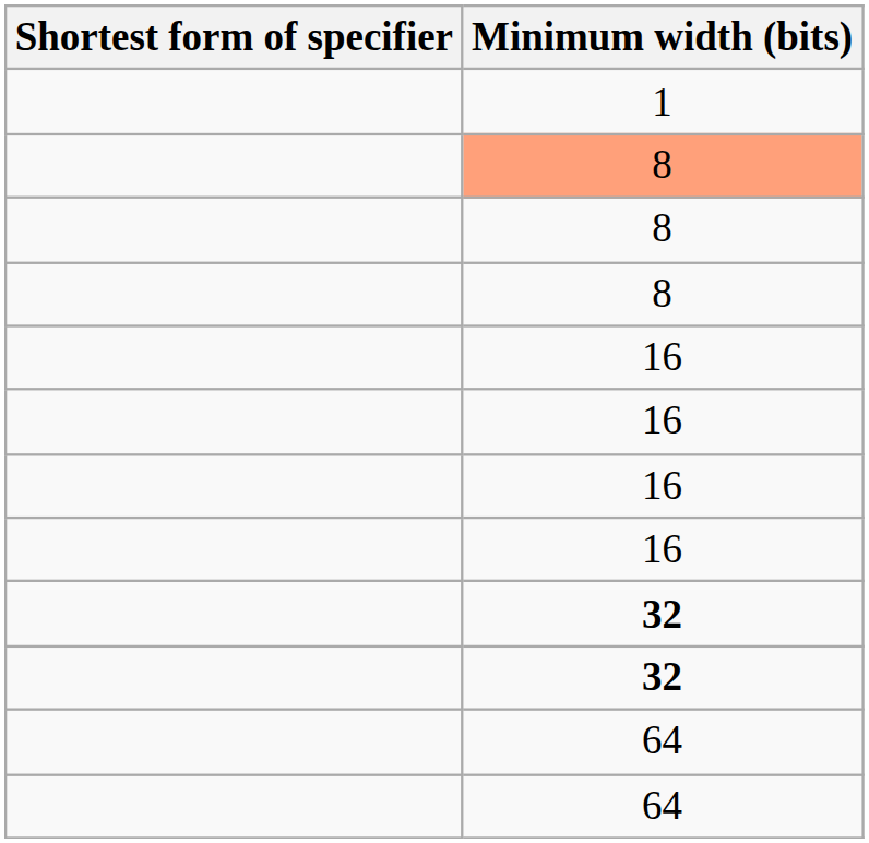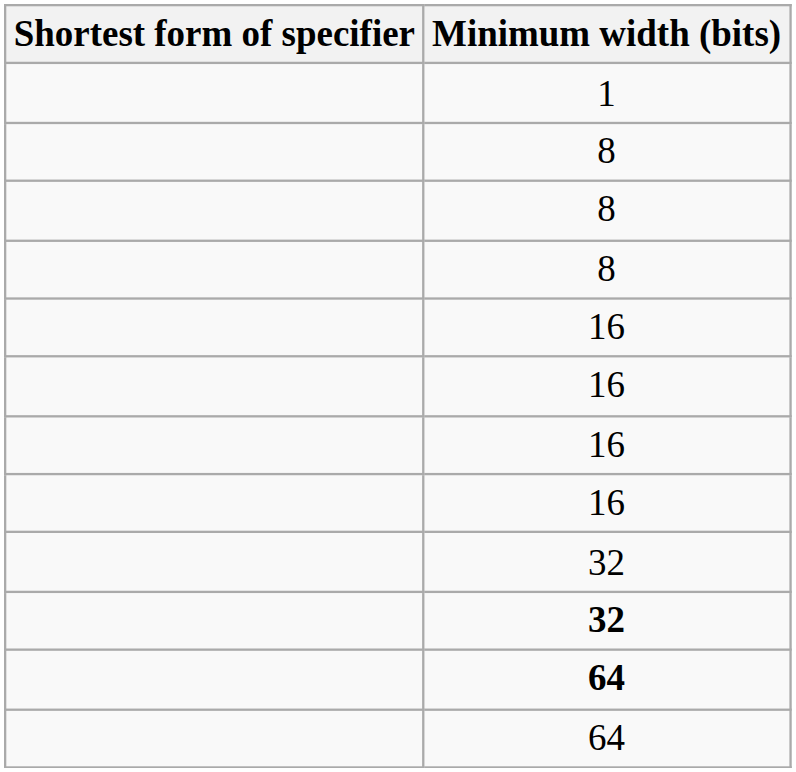 <table class="wikitable">
 <tr>
 <th>Shortest form of specifier</th>
 <th>Minimum width (bits)</th>
 </tr>
 <tr>
 <td></td>
 <td style="text-align: center">1</td>
 </tr>
 <tr>
 <td></td>
-<td style="background: lightsalmon; text-align: center">8</td>
+<td style="text-align: center">8</td>
 </tr>
 <tr>
 <td></td>
 <td style="text-align: center">8</td>
 </tr>
 <tr>
 <td></td>
 <td style="text-align: center">8</td>
 </tr>
 <tr>
 <td></td>
 <td style="text-align: center">16</td>
 </tr>
 <tr>
 <td></td>
 <td style="text-align: center">16</td>
 </tr>
 <tr>
 <td></td>
 <td style="text-align: center">16</td>
 </tr>
 <tr>
 <td></td>
 <td style="text-align: center">16</td>
 </tr>
 <tr>
 <td></td>
-<td style="text-align: center"><strong>32</strong></td>
+<td style="text-align: center">32</td>
 </tr>
 <tr>
 <td></td>
 <td style="text-align: center"><strong>32</strong></td>
 </tr>
 <tr>
 <td></td>
-<td style="text-align: center">64</td>
+<td style="text-align: center"><strong>64</strong></td>
 </tr>
 <tr>
 <td></td>
 <td style="text-align: center">64</td>
 </tr>
 </table>
